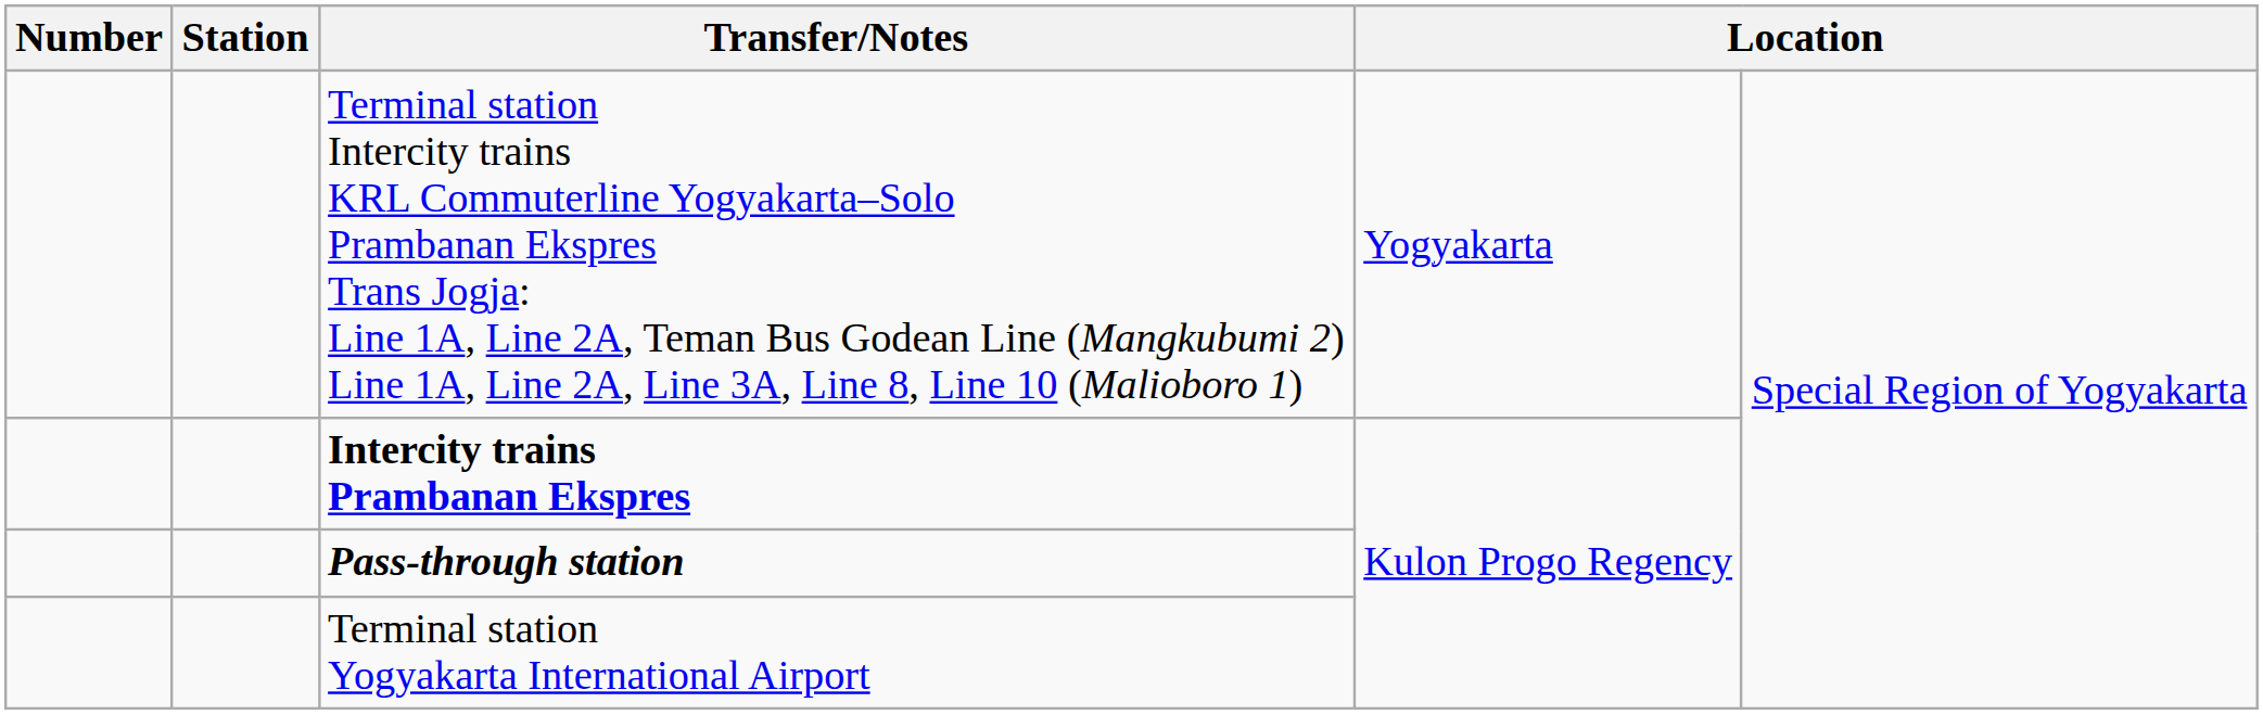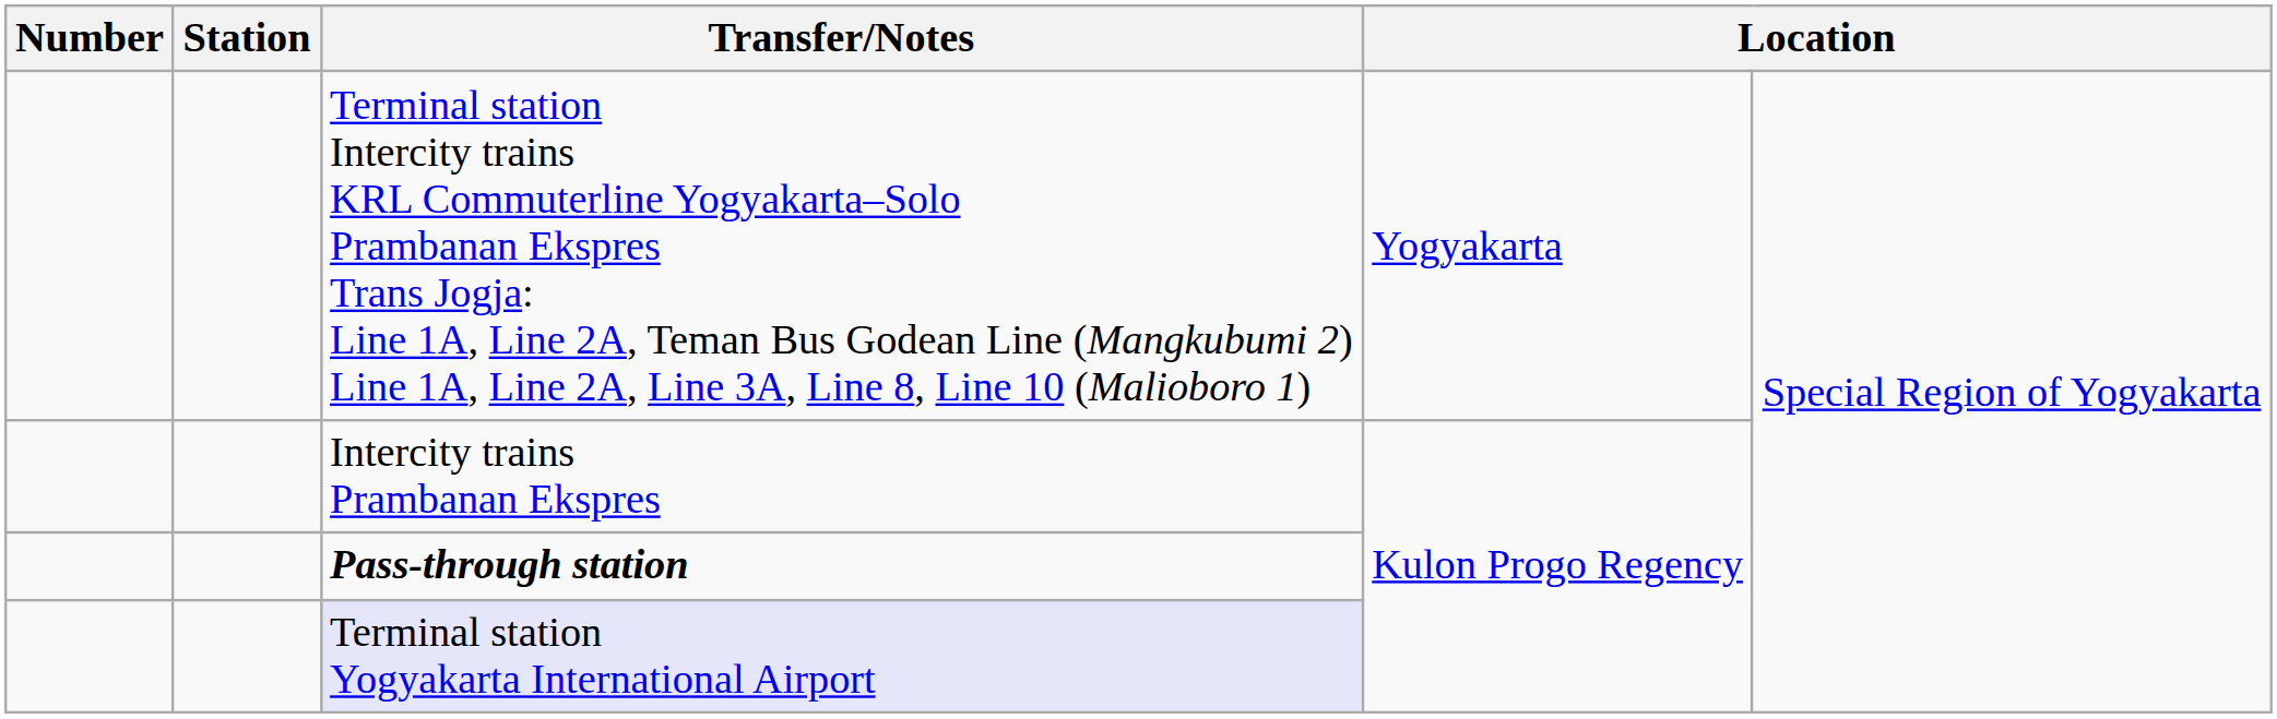 <table rules="all" class="wikitable">
 <tr>
 <th>Number</th>
 <th> Station</th>
 <th>Transfer/Notes</th>
 <th colspan="2">Location</th>
 </tr>
 <tr>
 <td><br><br><br></td>
 <td></td>
 <td><a href='#'>Terminal station</a><br> Intercity trains<br> <a href='#'>KRL Commuterline Yogyakarta–Solo</a><br> <a href='#'>Prambanan Ekspres</a><br> <a href='#'>Trans Jogja</a>:<br> <a href='#'>Line 1A</a>, <a href='#'>Line 2A</a>, Teman Bus Godean Line (<em>Mangkubumi 2</em>)<br> <a href='#'>Line 1A</a>, <a href='#'>Line 2A</a>, <a href='#'>Line 3A</a>, <a href='#'>Line 8</a>, <a href='#'>Line 10</a> (<em>Malioboro 1</em>)</td>
 <td><a href='#'>Yogyakarta</a></td>
 <td rowspan="4"><a href='#'>Special Region of Yogyakarta</a></td>
 </tr>
 <tr>
 <td><br><br></td>
 <td></td>
-<td><strong> Intercity trains<br> <a href='#'>Prambanan Ekspres</a></strong></td>
+<td> Intercity trains<br> <a href='#'>Prambanan Ekspres</a></td>
 <td rowspan="3"><a href='#'>Kulon Progo Regency</a></td>
 </tr>
 <tr>
 <td><br></td>
 <td></td>
 <td><strong><em>Pass-through station</em></strong></td>
 </tr>
 <tr>
 <td></td>
 <td></td>
-<td>Terminal station<br> <a href='#'>Yogyakarta International Airport</a></td>
+<td style="background: lavender;">Terminal station<br> <a href='#'>Yogyakarta International Airport</a></td>
 </tr>
 </table>
